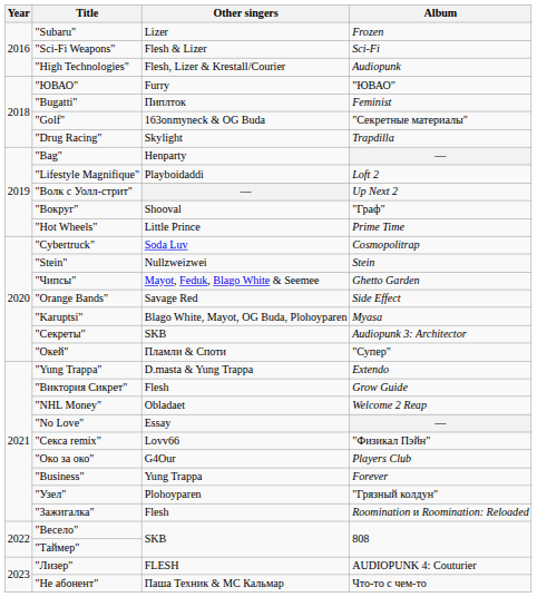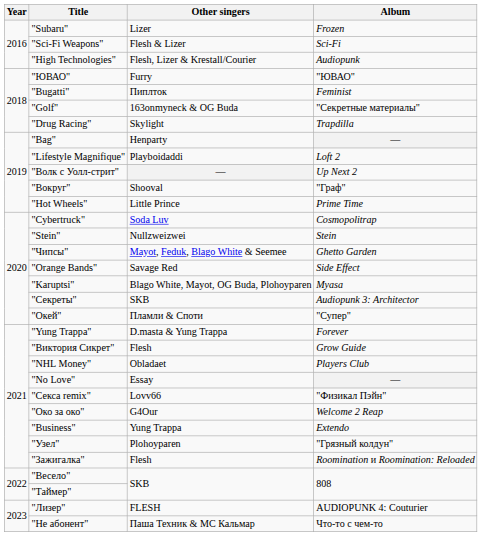 <table class="wikitable">
 <tr>
 <th>Year</th>
 <th>Title</th>
 <th>Other singers</th>
 <th>Album</th>
 </tr>
 <tr>
 <td rowspan="3">2016</td>
 <td>"Subaru"</td>
 <td>Lizer</td>
 <td><em>Frozen</em></td>
 </tr>
 <tr>
 <td>"Sci-Fi Weapons"</td>
 <td>Flesh & Lizer</td>
 <td><em>Sci-Fi</em></td>
 </tr>
 <tr>
 <td>"High Technologies"</td>
 <td>Flesh, Lizer & Krestall/Courier</td>
 <td><em>Audiopunk</em></td>
 </tr>
 <tr>
 <td rowspan="4">2018</td>
 <td>"ЮВАО"</td>
 <td>Furry</td>
 <td>"ЮВАО"</td>
 </tr>
 <tr>
 <td>"Bugatti"</td>
 <td>Пиплток</td>
 <td><em>Feminist</em></td>
 </tr>
 <tr>
 <td>"Golf"</td>
 <td>163onmyneck & OG Buda</td>
 <td>"Секретные материалы"</td>
 </tr>
 <tr>
 <td>"Drug Racing"</td>
 <td>Skylight</td>
 <td><em>Trapdilla</em></td>
 </tr>
 <tr>
 <td rowspan="5">2019</td>
 <td>"Bag"</td>
 <td>Henparty</td>
 <th>—</th>
 </tr>
 <tr>
 <td>"Lifestyle Magnifique"</td>
 <td>Playboidaddi</td>
 <td><em>Loft 2</em></td>
 </tr>
 <tr>
 <td>"Волк с Уолл-стрит"</td>
 <th>—</th>
 <td><em>Up Next 2</em></td>
 </tr>
 <tr>
 <td>"Вокруг"</td>
 <td>Shooval</td>
 <td>"Граф"</td>
 </tr>
 <tr>
 <td>"Hot Wheels"</td>
 <td>Little Prince</td>
 <td><em>Prime Time</em></td>
 </tr>
 <tr>
 <td rowspan="7">2020</td>
 <td>"Cybertruck"</td>
 <td><a href='#'>Soda Luv</a></td>
 <td><em>Cosmopolitrap</em></td>
 </tr>
 <tr>
 <td>"Stein"</td>
 <td>Nullzweizwei</td>
 <td><em>Stein</em></td>
 </tr>
 <tr>
 <td>"Чипсы"</td>
 <td><a href='#'>Mayot</a>, <a href='#'>Feduk</a>, <a href='#'>Blago White</a> & Seemee</td>
 <td><em>Ghetto Garden</em></td>
 </tr>
 <tr>
 <td>"Orange Bands"</td>
 <td>Savage Red</td>
 <td><em>Side Effect</em></td>
 </tr>
 <tr>
 <td>"Karuptsi"</td>
 <td>Blago White, Mayot, OG Buda, Plohoyparen</td>
 <td><em>Myasa</em></td>
 </tr>
 <tr>
 <td>"Секреты"</td>
 <td>SKB</td>
 <td><em>Audiopunk 3: Architector</em></td>
 </tr>
 <tr>
 <td>"Окей"</td>
 <td>Пламли & Споти</td>
 <td>"Супер"</td>
 </tr>
 <tr>
 <td rowspan="9">2021</td>
 <td>"Yung Trappa"</td>
 <td>D.masta & Yung Trappa</td>
-<td><em>Extendo</em></td>
+<td><em>Forever</em></td>
 </tr>
 <tr>
 <td>"Виктория Сикрет"</td>
 <td>Flesh</td>
 <td><em>Grow Guide</em></td>
 </tr>
 <tr>
 <td>"NHL Money"</td>
 <td>Obladaet</td>
-<td><em>Welcome 2 Reap</em></td>
+<td><em>Players Club</em></td>
 </tr>
 <tr>
 <td>"No Love"</td>
 <td>Essay</td>
 <th>—</th>
 </tr>
 <tr>
 <td>"Секса remix"</td>
 <td>Lovv66</td>
 <td>"Физикал Пэйн"</td>
 </tr>
 <tr>
 <td>"Око за око"</td>
 <td>G4Our</td>
-<td><em>Players Club</em></td>
+<td><em>Welcome 2 Reap</em></td>
 </tr>
 <tr>
 <td>"Business"</td>
 <td>Yung Trappa</td>
-<td><em>Forever</em></td>
+<td><em>Extendo</em></td>
 </tr>
 <tr>
 <td>"Узел"</td>
 <td>Plohoyparen</td>
 <td>"Грязный колдун"</td>
 </tr>
 <tr>
 <td>"Зажигалка"</td>
 <td>Flesh</td>
 <td><em>Roomination</em> и <em>Roomination: Reloaded</em></td>
 </tr>
 <tr>
 <td rowspan="2">2022</td>
 <td>"Весело"</td>
 <td rowspan="2">SKB</td>
 <td rowspan="2">808</td>
 </tr>
 <tr>
 <td>"Таймер"</td>
 </tr>
 <tr>
 <td rowspan="2">2023</td>
 <td>"Лизер"</td>
 <td>FLESH</td>
 <td>AUDIOPUNK 4: Couturier</td>
 </tr>
 <tr>
 <td>"Не абонент"</td>
 <td>Паша Техник & МС Кальмар</td>
 <td>Что-то с чем-то</td>
 </tr>
 </table>
